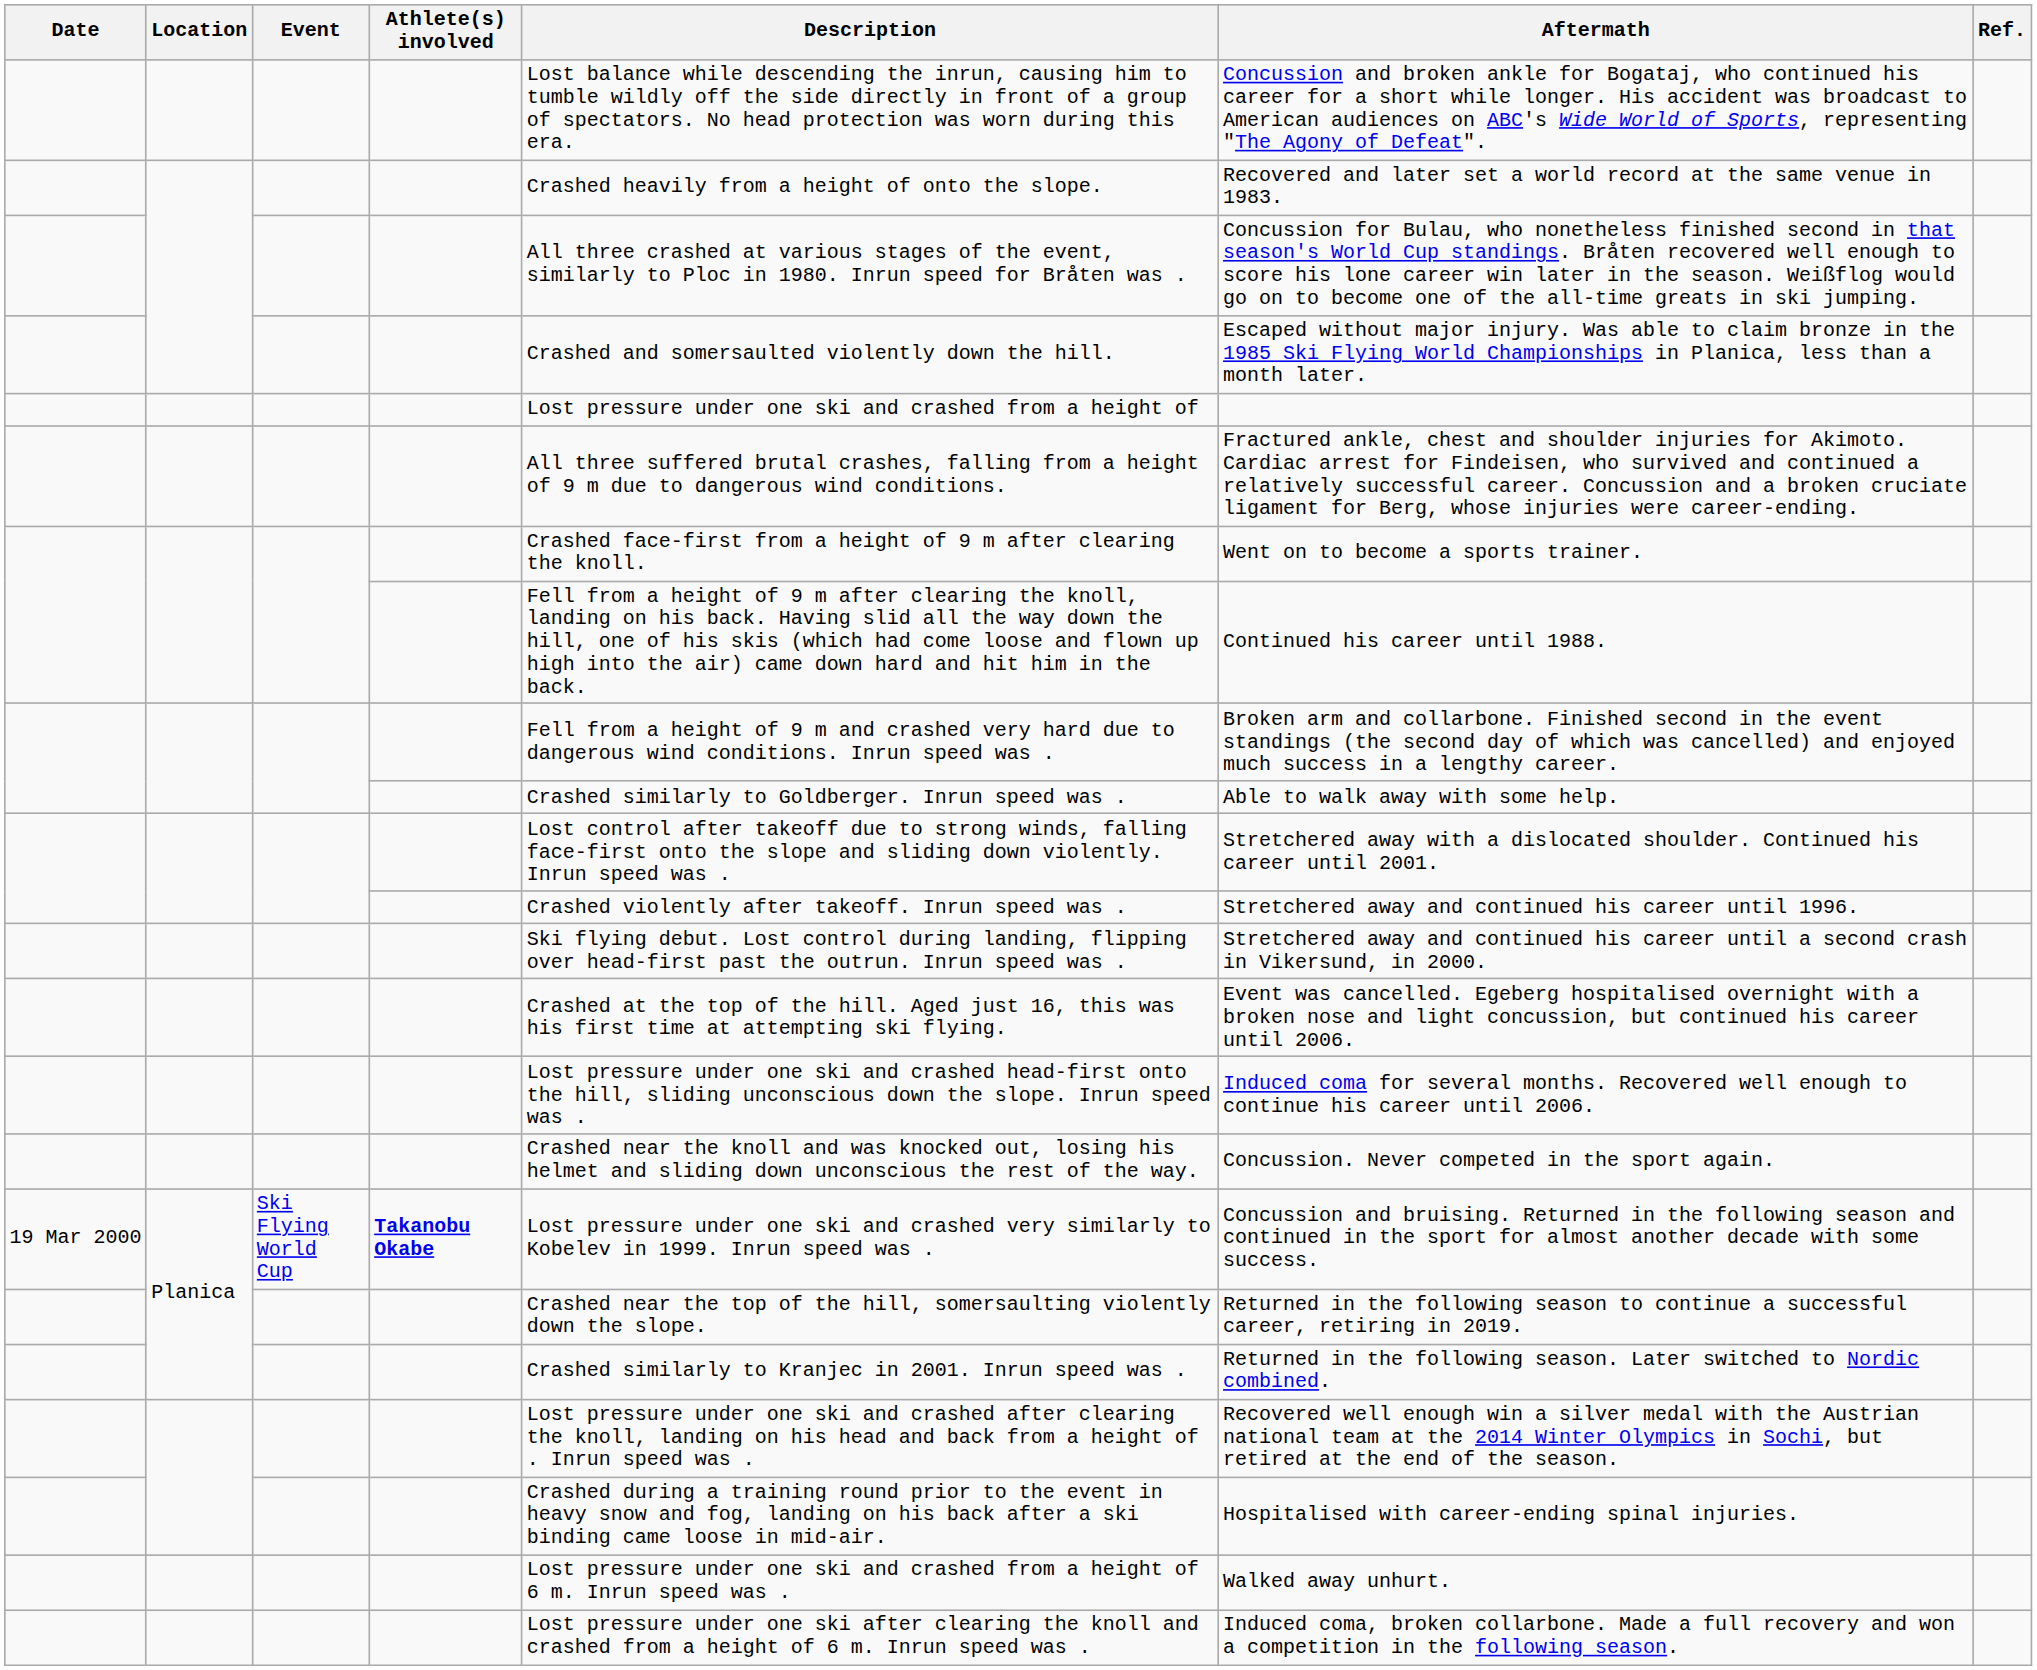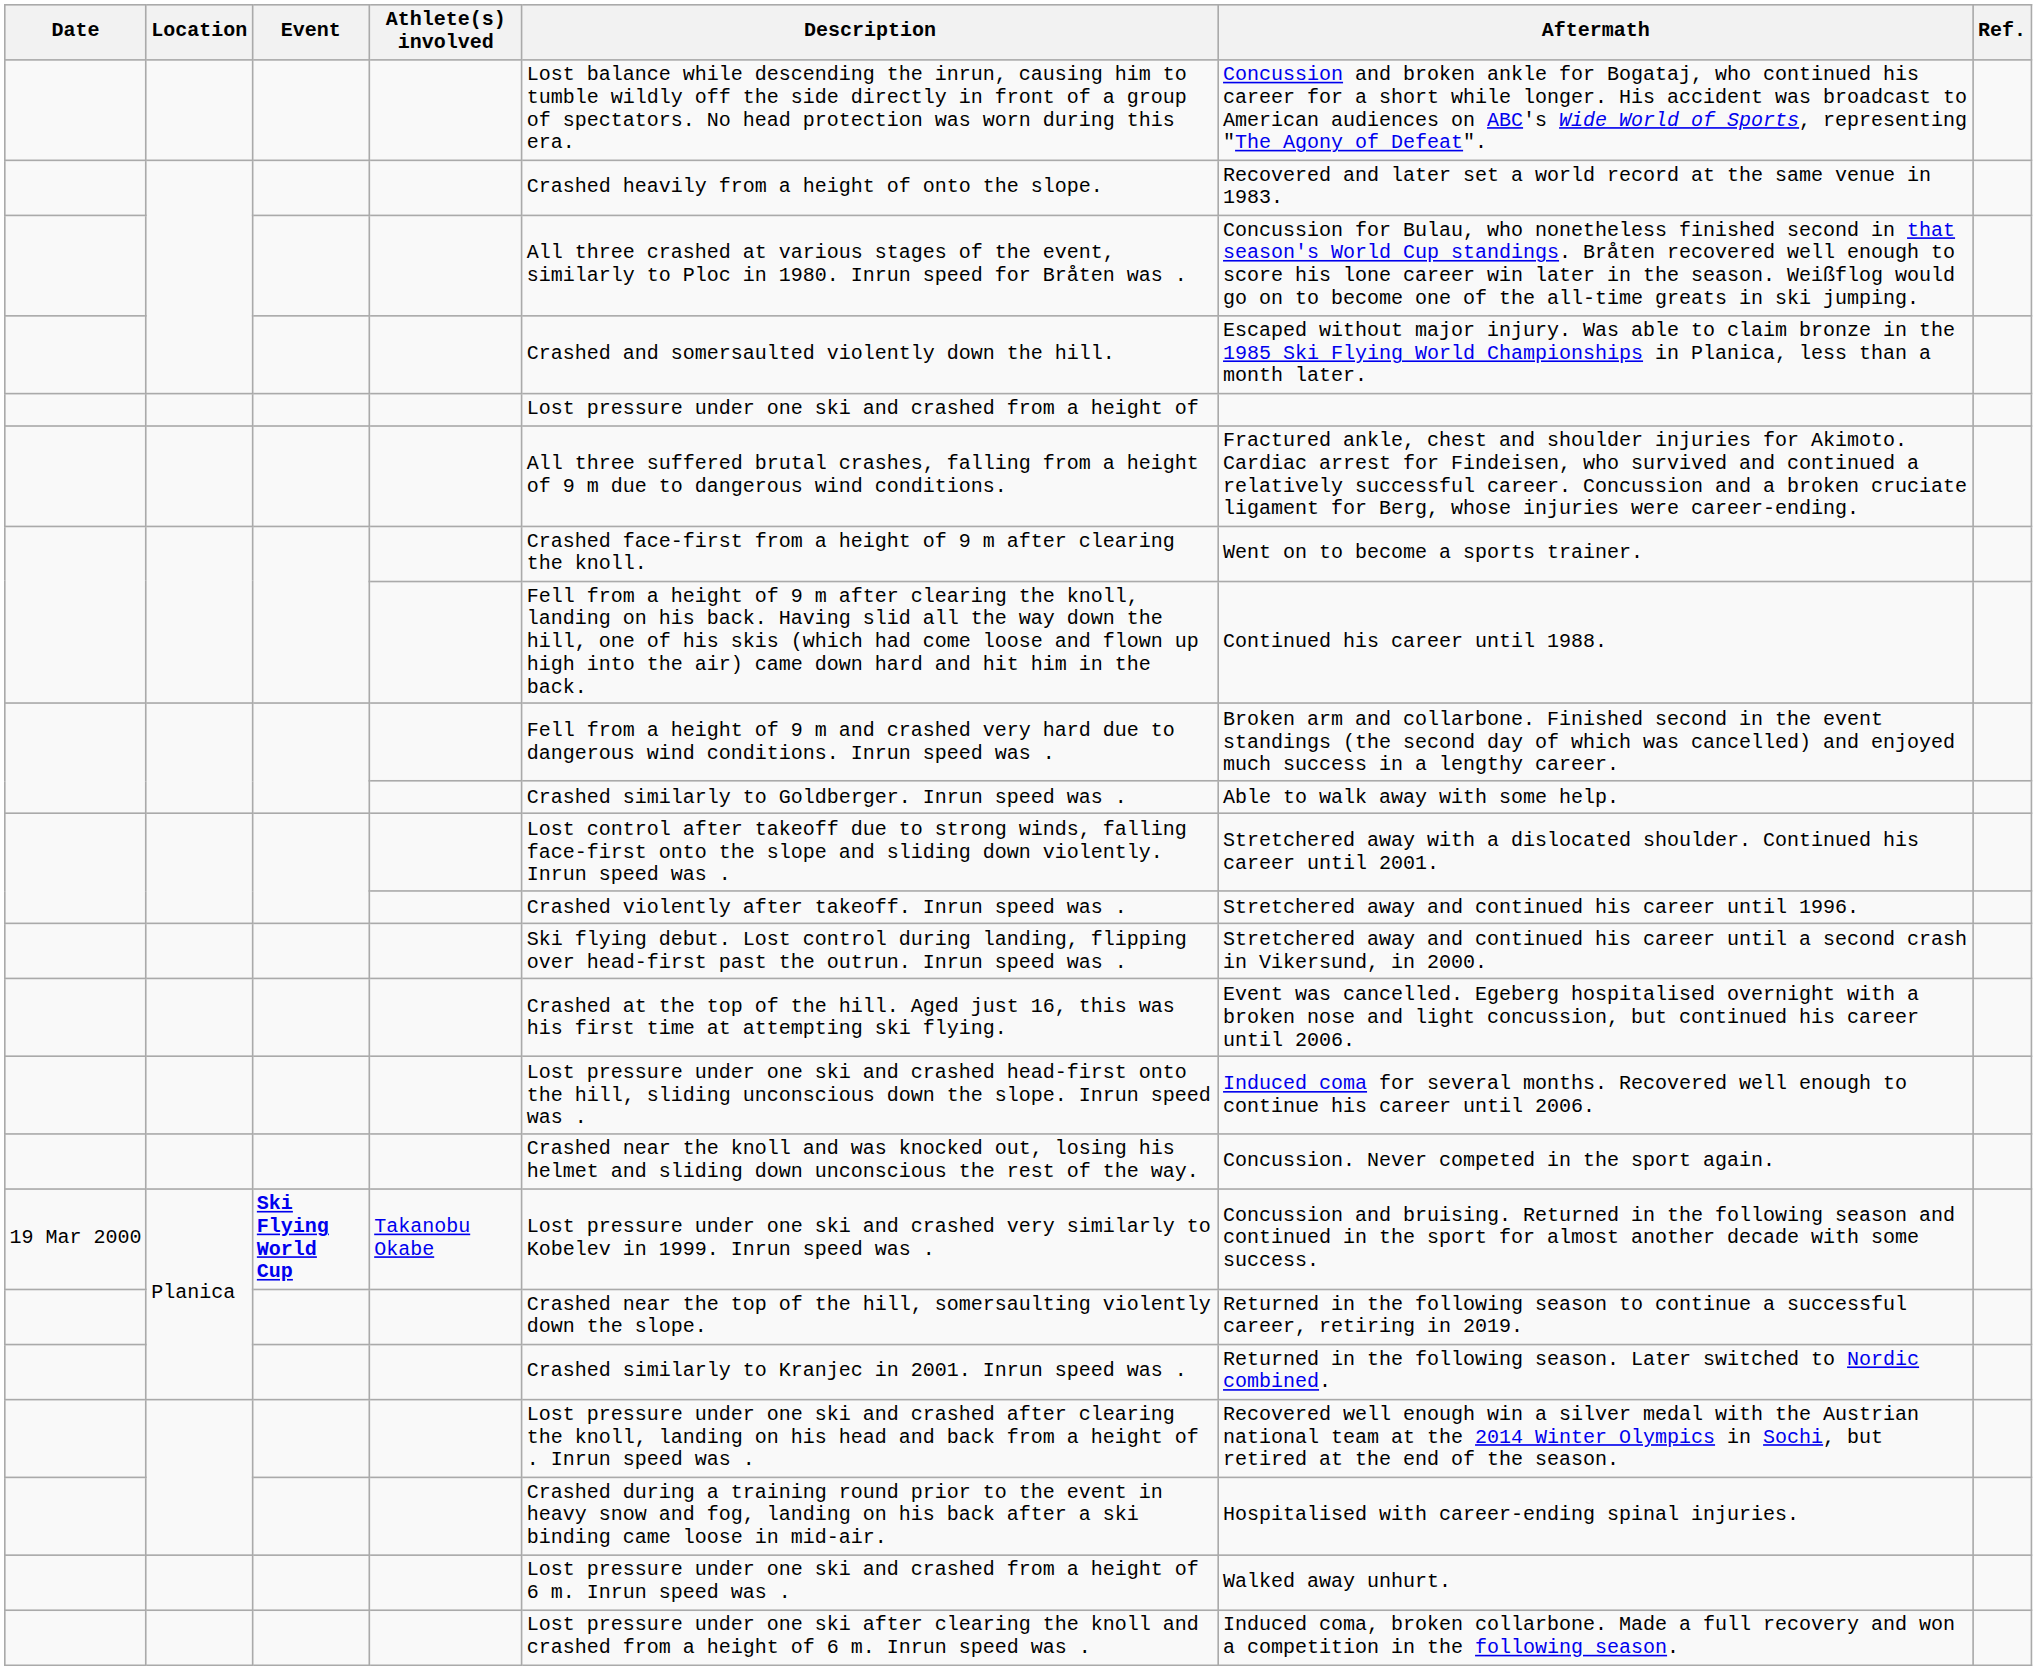 <table class="wikitable" style="text-align:left; font-size:95%">
 <tr>
 <th>Date</th>
 <th>Location</th>
 <th>Event</th>
 <th>Athlete(s) involved</th>
 <th>Description</th>
 <th>Aftermath</th>
 <th>Ref.</th>
 </tr>
 <tr>
 <td></td>
 <td></td>
 <td></td>
 <td></td>
 <td>Lost balance while descending the inrun, causing him to tumble wildly off the side directly in front of a group of spectators. No head protection was worn during this era.</td>
 <td><a href='#'>Concussion</a> and broken ankle for Bogataj, who continued his career for a short while longer. His accident was broadcast to American audiences on <a href='#'>ABC</a>'s <em><a href='#'>Wide World of Sports</a></em>, representing "<a href='#'>The Agony of Defeat</a>".</td>
 <td style="text-align:center;"></td>
 </tr>
 <tr>
 <td></td>
 <td rowspan=3></td>
 <td></td>
 <td></td>
 <td>Crashed heavily from a height of  onto the slope.</td>
 <td>Recovered and later set a world record at the same venue in 1983.</td>
 <td style="text-align:center;"></td>
 </tr>
 <tr>
 <td></td>
 <td></td>
 <td><br><br></td>
 <td>All three crashed at various stages of the event, similarly to Ploc in 1980. Inrun speed for Bråten was .</td>
 <td>Concussion for Bulau, who nonetheless finished second in <a href='#'>that season's World Cup standings</a>. Bråten recovered well enough to score his lone career win later in the season. Weißflog would go on to become one of the all-time greats in ski jumping.</td>
 <td style="text-align:center;"><br></td>
 </tr>
 <tr>
 <td></td>
 <td></td>
 <td></td>
 <td>Crashed and somersaulted violently down the hill.</td>
 <td>Escaped without major injury. Was able to claim bronze in the <a href='#'>1985 Ski Flying World Championships</a> in Planica, less than a month later.</td>
 <td style="text-align:center;"></td>
 </tr>
 <tr>
 <td></td>
 <td></td>
 <td></td>
 <td></td>
 <td>Lost pressure under one ski and crashed from a height of </td>
 <td></td>
 <td style="text-align:center;"></td>
 </tr>
 <tr>
 <td></td>
 <td></td>
 <td></td>
 <td><br><br></td>
 <td>All three suffered brutal crashes, falling from a height of 9 m due to dangerous wind conditions.</td>
 <td>Fractured ankle, chest and shoulder injuries for Akimoto. Cardiac arrest for Findeisen, who survived and continued a relatively successful career. Concussion and a broken cruciate ligament for Berg, whose injuries were career-ending.</td>
 <td style="text-align:center;"><br></td>
 </tr>
 <tr>
 <td rowspan=2></td>
 <td rowspan=2></td>
 <td rowspan=2></td>
 <td></td>
 <td>Crashed face-first from a height of 9 m after clearing the knoll.</td>
 <td>Went on to become a sports trainer.</td>
 <td style="text-align:center;"></td>
 </tr>
 <tr>
 <td></td>
 <td>Fell from a height of 9 m after clearing the knoll, landing on his back. Having slid all the way down the hill, one of his skis (which had come loose and flown up high into the air) came down hard and hit him in the back.</td>
 <td>Continued his career until 1988.</td>
 <td style="text-align:center;"></td>
 </tr>
 <tr>
 <td rowspan=2></td>
 <td rowspan=2></td>
 <td rowspan=2></td>
 <td></td>
 <td>Fell from a height of 9 m and crashed very hard due to dangerous wind conditions. Inrun speed was .</td>
 <td>Broken arm and collarbone. Finished second in the event standings (the second day of which was cancelled) and enjoyed much success in a lengthy career.</td>
 <td style="text-align:center;"></td>
 </tr>
 <tr>
 <td></td>
 <td>Crashed similarly to Goldberger. Inrun speed was .</td>
 <td>Able to walk away with some help.</td>
 <td style="text-align:center;"></td>
 </tr>
 <tr>
 <td rowspan=2></td>
 <td rowspan=2></td>
 <td rowspan=2></td>
 <td></td>
 <td>Lost control after takeoff due to strong winds, falling face-first onto the slope and sliding down violently. Inrun speed was .</td>
 <td>Stretchered away with a dislocated shoulder. Continued his career until 2001.</td>
 <td style="text-align:center;"></td>
 </tr>
 <tr>
 <td></td>
 <td>Crashed violently after takeoff. Inrun speed was .</td>
 <td>Stretchered away and continued his career until 1996.</td>
 <td style="text-align:center;"></td>
 </tr>
 <tr>
 <td></td>
 <td></td>
 <td></td>
 <td></td>
 <td>Ski flying debut. Lost control during landing, flipping over head-first past the outrun. Inrun speed was .</td>
 <td>Stretchered away and continued his career until a second crash in Vikersund, in 2000.</td>
 <td style="text-align:center;"></td>
 </tr>
 <tr>
 <td></td>
 <td></td>
 <td></td>
 <td></td>
 <td>Crashed at the top of the hill. Aged just 16, this was his first time at attempting ski flying.</td>
 <td>Event was cancelled. Egeberg hospitalised overnight with a broken nose and light concussion, but continued his career until 2006.</td>
 <td style="text-align:center;"></td>
 </tr>
 <tr>
 <td></td>
 <td></td>
 <td></td>
 <td></td>
 <td>Lost pressure under one ski and crashed head-first onto the hill, sliding unconscious down the slope. Inrun speed was .</td>
 <td><a href='#'>Induced coma</a> for several months. Recovered well enough to continue his career until 2006.</td>
 <td style="text-align:center;"></td>
 </tr>
 <tr>
 <td></td>
 <td></td>
 <td></td>
 <td></td>
 <td>Crashed near the knoll and was knocked out, losing his helmet and sliding down unconscious the rest of the way.</td>
 <td>Concussion. Never competed in the sport again.</td>
 <td style="text-align:center;"></td>
 </tr>
 <tr>
 <td>19 Mar 2000</td>
 <td rowspan=3> Planica</td>
-<td><a href='#'>Ski Flying World Cup</a></td>
-<td><strong> <a href='#'>Takanobu Okabe</a></strong></td>
+<td><strong><a href='#'>Ski Flying World Cup</a></strong></td>
+<td> <a href='#'>Takanobu Okabe</a></td>
 <td>Lost pressure under one ski and crashed very similarly to Kobelev in 1999. Inrun speed was .</td>
 <td>Concussion and bruising. Returned in the following season and continued in the sport for almost another decade with some success.</td>
 <td style="text-align:center;"></td>
 </tr>
 <tr>
 <td></td>
 <td></td>
 <td></td>
 <td>Crashed near the top of the hill, somersaulting violently down the slope.</td>
 <td>Returned in the following season to continue a successful career, retiring in 2019.</td>
 <td style="text-align:center;"></td>
 </tr>
 <tr>
 <td></td>
 <td></td>
 <td></td>
 <td>Crashed similarly to Kranjec in 2001. Inrun speed was .</td>
 <td>Returned in the following season. Later switched to <a href='#'>Nordic combined</a>.</td>
 <td style="text-align:center;"></td>
 </tr>
 <tr>
 <td></td>
 <td rowspan=2></td>
 <td></td>
 <td></td>
 <td>Lost pressure under one ski and crashed after clearing the knoll, landing on his head and back from a height of . Inrun speed was .</td>
 <td>Recovered well enough win a silver medal with the Austrian national team at the <a href='#'>2014 Winter Olympics</a> in <a href='#'>Sochi</a>, but retired at the end of the season.</td>
 <td style="text-align:center;"></td>
 </tr>
 <tr>
 <td></td>
 <td></td>
 <td></td>
 <td>Crashed during a training round prior to the event in heavy snow and fog, landing on his back after a ski binding came loose in mid-air.</td>
 <td>Hospitalised with career-ending spinal injuries.</td>
 <td style="text-align:center;"></td>
 </tr>
 <tr>
 <td></td>
 <td></td>
 <td></td>
 <td></td>
 <td>Lost pressure under one ski and crashed from a height of 6 m. Inrun speed was .</td>
 <td>Walked away unhurt.</td>
 <td style="text-align:center;"></td>
 </tr>
 <tr>
 <td></td>
 <td></td>
 <td></td>
 <td></td>
 <td>Lost pressure under one ski after clearing the knoll and crashed from a height of 6 m. Inrun speed was .</td>
 <td>Induced coma, broken collarbone. Made a full recovery and won a competition in the <a href='#'>following season</a>.</td>
 <td style="text-align:center;"></td>
 </tr>
 </table>
